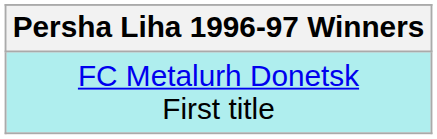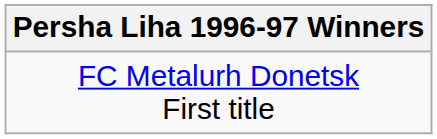 <table class="wikitable" style="text-align: center; margin: 0 auto;">
 <tr>
 <th>Persha Liha 1996-97 Winners</th>
 </tr>
 <tr>
-<td style="background: paleturquoise;"><a href='#'>FC Metalurh Donetsk</a><br>First title</td>
+<td><a href='#'>FC Metalurh Donetsk</a><br>First title</td>
 </tr>
 </table>
